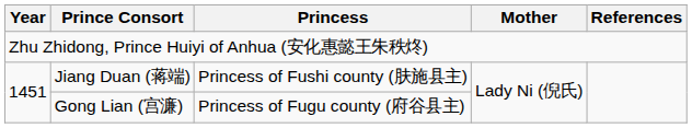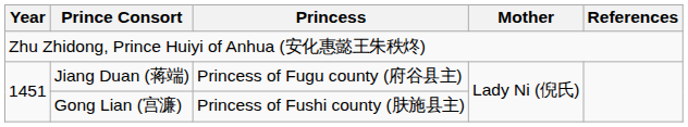 <table class="wikitable">
 <tr>
 <th>Year</th>
 <th>Prince Consort</th>
 <th>Princess</th>
 <th>Mother</th>
 <th>References</th>
 </tr>
 <tr>
 <td colspan="5">Zhu Zhidong, Prince Huiyi of Anhua (安化惠懿王朱秩炵)</td>
 </tr>
 <tr>
 <td rowspan="2">1451</td>
 <td>Jiang Duan (蒋端)</td>
-<td>Princess of Fushi county (肤施县主)</td>
+<td>Princess of Fugu county (府谷县主)</td>
 <td rowspan="2">Lady Ni (倪氏)</td>
 <td rowspan="2"></td>
 </tr>
 <tr>
 <td>Gong Lian (宫濂)</td>
-<td>Princess of Fugu county (府谷县主)</td>
+<td>Princess of Fushi county (肤施县主)</td>
 </tr>
 </table>
